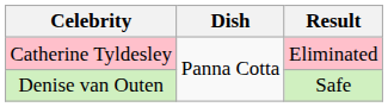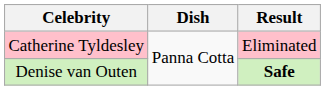 <table class="wikitable" style="text-align:center;">
 <tr>
 <th>Celebrity</th>
 <th>Dish</th>
 <th>Result</th>
 </tr>
 <tr>
 <td style="background:pink;">Catherine Tyldesley</td>
 <td rowspan="2">Panna Cotta</td>
 <td style="background:pink;">Eliminated</td>
 </tr>
 <tr>
 <td style="background:#d0f0c0;">Denise van Outen</td>
-<td style="background:#d0f0c0;">Safe</td>
+<td style="background:#d0f0c0;"><strong>Safe</strong></td>
 </tr>
 </table>
